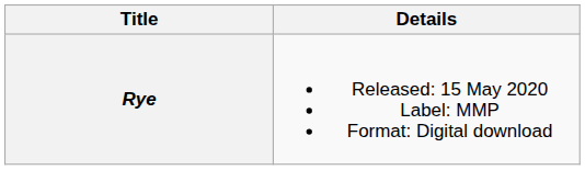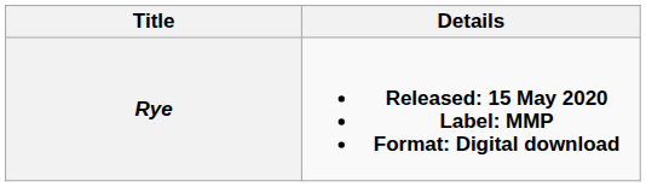 <table class="wikitable plainrowheaders" style="text-align:center;">
 <tr>
 <th scope="col" style="width:14em;">Title</th>
 <th scope="col" style="width:16em;">Details</th>
 </tr>
 <tr>
 <th scope="row"><em>Rye</em></th>
-<td><br><ul><li>Released: 15 May 2020</li><li>Label: MMP</li><li>Format: Digital download</li></ul></td>
+<td><strong><br><ul><li>Released: 15 May 2020</li><li>Label: MMP</li><li>Format: Digital download</li></ul></strong></td>
 </tr>
 </table>
